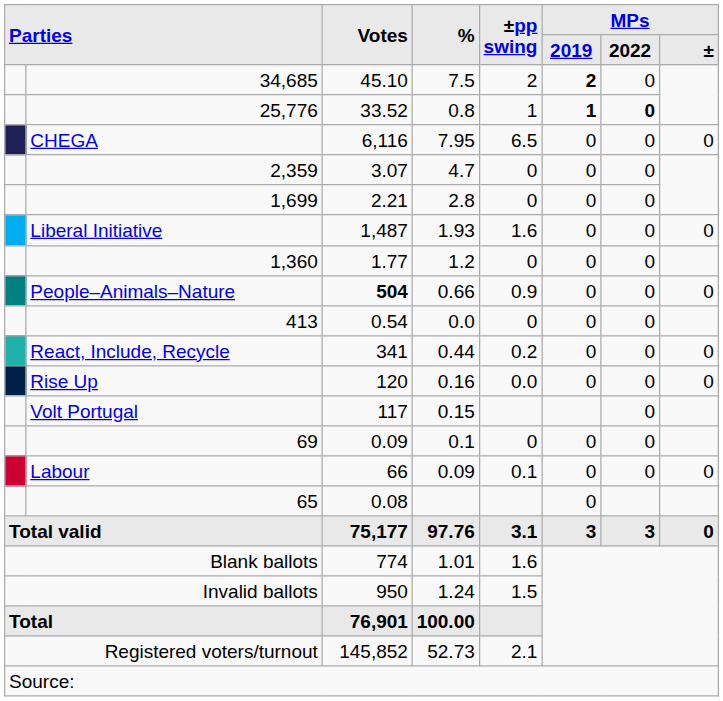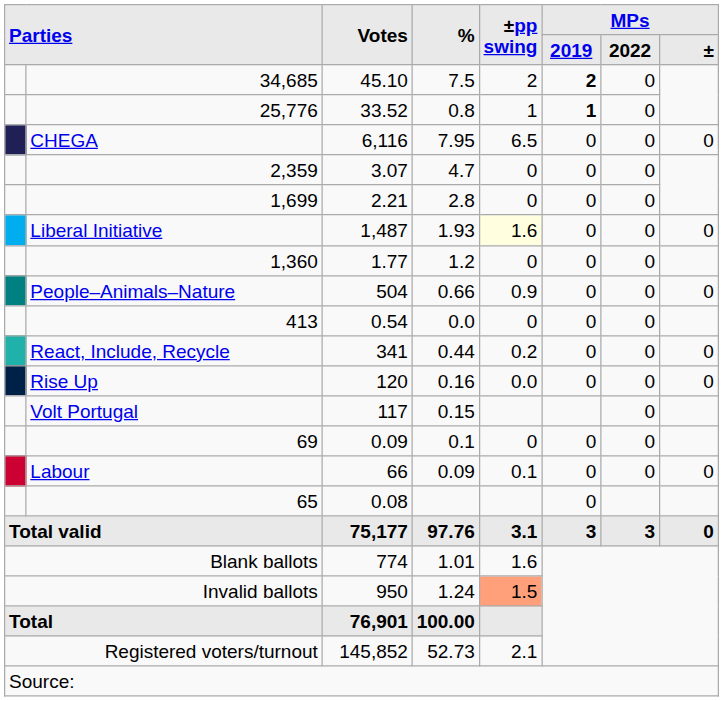 <table class="wikitable" style="text-align:right; font-size:95%;">
 <tr>
 <th rowspan="2" colspan="2" style="background:#e9e9e9; text-align:left;" alignleft><a href='#'>Parties</a></th>
 <th rowspan="2" style="background:#e9e9e9; text-align:right;">Votes</th>
 <th rowspan="2" style="background:#e9e9e9; text-align:right;">%</th>
 <th rowspan="2" style="background:#e9e9e9; text-align:right;">±<a href='#'>pp</a> <a href='#'>swing</a></th>
 <th colspan="3" style="background:#e9e9e9; text-align:center;"><a href='#'>MPs</a></th>
 </tr>
 <tr style="background-color:#E9E9E9">
 <th style="background-color:#E9E9E9;text-align:center;"><a href='#'>2019</a></th>
 <th style="background-color:#E9E9E9;text-align:center;">2022</th>
 <th style="background:#e9e9e9; text-align:right;">±</th>
 </tr>
 <tr>
 <td></td>
 <td>34,685</td>
 <td>45.10</td>
 <td>7.5</td>
 <td>2</td>
 <td><strong>2</strong></td>
 <td>0</td>
 </tr>
 <tr>
 <td></td>
 <td>25,776</td>
 <td>33.52</td>
 <td>0.8</td>
 <td>1</td>
 <td><strong>1</strong></td>
-<td><strong>0</strong></td>
+<td>0</td>
 </tr>
 <tr>
 <td style="width: 10px" bgcolor="#202056" align="center"></td>
 <td align="left"><a href='#'>CHEGA</a></td>
 <td>6,116</td>
 <td>7.95</td>
 <td>6.5</td>
 <td>0</td>
 <td>0</td>
 <td>0</td>
 </tr>
 <tr>
 <td></td>
 <td>2,359</td>
 <td>3.07</td>
 <td>4.7</td>
 <td>0</td>
 <td>0</td>
 <td>0</td>
 </tr>
 <tr>
 <td></td>
 <td>1,699</td>
 <td>2.21</td>
 <td>2.8</td>
 <td>0</td>
 <td>0</td>
 <td>0</td>
 </tr>
 <tr>
 <td style="width: 10px" bgcolor="#00ADEF" align="center"></td>
 <td align="left"><a href='#'>Liberal Initiative</a></td>
 <td>1,487</td>
 <td>1.93</td>
-<td>1.6</td>
+<td style="background: lightyellow;">1.6</td>
 <td>0</td>
 <td>0</td>
 <td>0</td>
 </tr>
 <tr>
 <td></td>
 <td>1,360</td>
 <td>1.77</td>
 <td>1.2</td>
 <td>0</td>
 <td>0</td>
 <td>0</td>
 </tr>
 <tr>
 <td style="width: 10px" bgcolor="teal" align="center"></td>
 <td align="left"><a href='#'>People–Animals–Nature</a></td>
-<td><strong>504</strong></td>
+<td>504</td>
 <td>0.66</td>
 <td>0.9</td>
 <td>0</td>
 <td>0</td>
 <td>0</td>
 </tr>
 <tr>
 <td></td>
 <td>413</td>
 <td>0.54</td>
 <td>0.0</td>
 <td>0</td>
 <td>0</td>
 <td>0</td>
 </tr>
 <tr>
 <td style="width: 10px" bgcolor="LightSeaGreen" align="center"></td>
 <td align="left"><a href='#'>React, Include, Recycle</a></td>
 <td>341</td>
 <td>0.44</td>
 <td>0.2</td>
 <td>0</td>
 <td>0</td>
 <td>0</td>
 </tr>
 <tr>
 <td style="width: 10px" bgcolor="#002147" align="center"></td>
 <td align="left"><a href='#'>Rise Up</a></td>
 <td>120</td>
 <td>0.16</td>
 <td>0.0</td>
 <td>0</td>
 <td>0</td>
 <td>0</td>
 </tr>
 <tr>
 <td style="width: 10px"></td>
 <td align="left"><a href='#'>Volt Portugal</a></td>
 <td>117</td>
 <td>0.15</td>
 <td></td>
 <td></td>
 <td>0</td>
 <td></td>
 </tr>
 <tr>
 <td></td>
 <td>69</td>
 <td>0.09</td>
 <td>0.1</td>
 <td>0</td>
 <td>0</td>
 <td>0</td>
 </tr>
 <tr>
 <td style="width: 10px" bgcolor="#CC0033" align="center"></td>
 <td align="left"><a href='#'>Labour</a></td>
 <td>66</td>
 <td>0.09</td>
 <td>0.1</td>
 <td>0</td>
 <td>0</td>
 <td>0</td>
 </tr>
 <tr>
 <td></td>
 <td>65</td>
 <td>0.08</td>
 <td></td>
 <td></td>
 <td>0</td>
 <td></td>
 </tr>
 <tr>
 <td colspan=2 width="247" align=left style="background-color:#E9E9E9"><strong>Total valid</strong></td>
 <td width="65" align="right" style="background-color:#E9E9E9"><strong>75,177</strong></td>
 <td width="40" align="right" style="background-color:#E9E9E9"><strong>97.76</strong></td>
 <td width="40" align="right" style="background-color:#E9E9E9"><strong>3.1</strong></td>
 <td width="40" align="right" style="background-color:#E9E9E9"><strong>3</strong></td>
 <td width="40" align="right" style="background-color:#E9E9E9"><strong>3</strong></td>
 <td width="40" align="right" style="background-color:#E9E9E9"><strong>0</strong></td>
 </tr>
 <tr>
 <td colspan=2>Blank ballots</td>
 <td>774</td>
 <td>1.01</td>
 <td>1.6</td>
 <td colspan=4 rowspan=4></td>
 </tr>
 <tr>
 <td colspan=2>Invalid ballots</td>
 <td>950</td>
 <td>1.24</td>
-<td>1.5</td>
+<td style="background: lightsalmon;">1.5</td>
 </tr>
 <tr>
 <td colspan=2 align=left style="background-color:#E9E9E9"><strong>Total</strong></td>
 <td width="50" align="right" style="background-color:#E9E9E9"><strong>76,901</strong></td>
 <td width="40" align="right" style="background-color:#E9E9E9"><strong>100.00</strong></td>
 <td width="40" align="right" style="background-color:#E9E9E9"></td>
 </tr>
 <tr>
 <td colspan=2>Registered voters/turnout</td>
 <td>145,852</td>
 <td>52.73</td>
 <td>2.1</td>
 </tr>
 <tr>
 <td colspan=11 align=left>Source: </td>
 </tr>
 </table>
